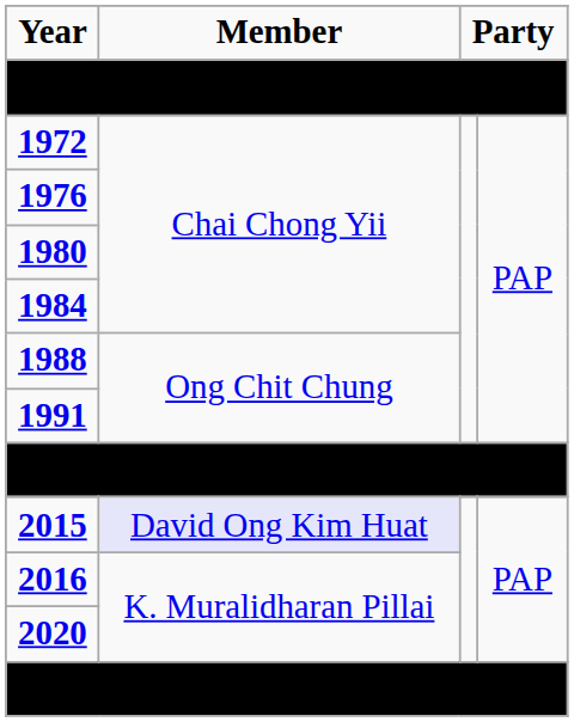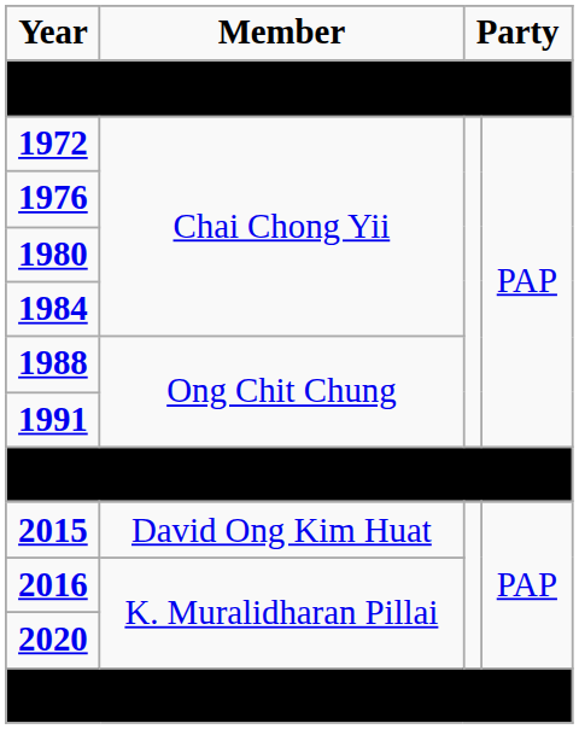 <table class="wikitable" align="center" style="text-align:center">
 <tr>
 <td><strong>Year</strong></td>
 <td><strong>Member</strong></td>
 <td colspan="2"><strong>Party</strong></td>
 </tr>
 <tr>
 <td colspan=4 bgcolor=black><span><strong>Formation</strong></span></td>
 </tr>
 <tr>
 <td><strong><a href='#'>1972</a></strong></td>
 <td rowspan="4"><a href='#'>Chai Chong Yii</a></td>
 <td rowspan="6"></td>
 <td rowspan="6"><a href='#'>PAP</a></td>
 </tr>
 <tr>
 <td><strong><a href='#'>1976</a></strong></td>
 </tr>
 <tr>
 <td><strong><a href='#'>1980</a></strong></td>
 </tr>
 <tr>
 <td><strong><a href='#'>1984</a></strong></td>
 </tr>
 <tr>
 <td><strong><a href='#'>1988</a></strong></td>
 <td rowspan="2"><a href='#'>Ong Chit Chung</a></td>
 </tr>
 <tr>
 <td><strong><a href='#'>1991</a></strong></td>
 </tr>
 <tr>
 <td colspan=5 bgcolor=black><span><strong>Constituency abolished (1997 – 2015)</strong></span></td>
 </tr>
 <tr>
 <td><strong><a href='#'>2015</a></strong></td>
-<td style="background: lavender;"><a href='#'>David Ong Kim Huat</a></td>
+<td><a href='#'>David Ong Kim Huat</a></td>
 <td rowspan=3></td>
 <td rowspan=3><a href='#'>PAP</a></td>
 </tr>
 <tr>
 <td><strong><a href='#'>2016</a></strong></td>
 <td rowspan="2"><a href='#'>K. Muralidharan Pillai</a></td>
 </tr>
 <tr>
 <td><strong><a href='#'>2020</a></strong></td>
 </tr>
 <tr>
 <td colspan=5 bgcolor=black><span><strong>Constituency abolished (2025)</strong></span></td>
 </tr>
 </table>
